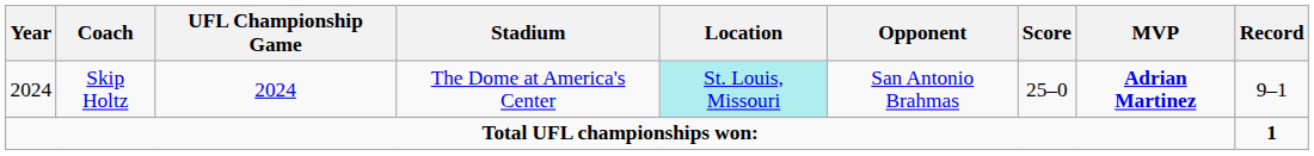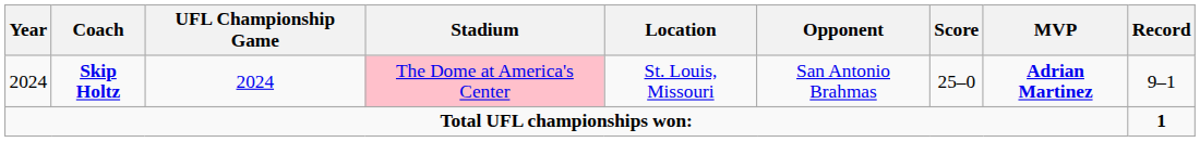 <table class="wikitable" style="width:80%;text-align:center">
 <tr>
 <th>Year</th>
 <th>Coach</th>
 <th>UFL Championship Game</th>
 <th>Stadium</th>
 <th>Location</th>
 <th>Opponent</th>
 <th>Score</th>
 <th>MVP</th>
 <th>Record</th>
 </tr>
 <tr>
 <td>2024</td>
-<td><a href='#'>Skip Holtz</a></td>
+<td><strong><a href='#'>Skip Holtz</a></strong></td>
 <td><a href='#'>2024</a></td>
-<td><a href='#'>The Dome at America's Center</a></td>
-<td style="background: paleturquoise;"><a href='#'>St. Louis, Missouri</a></td>
+<td style="background: pink;"><a href='#'>The Dome at America's Center</a></td>
+<td><a href='#'>St. Louis, Missouri</a></td>
 <td><a href='#'>San Antonio Brahmas</a></td>
 <td>25–0</td>
 <td><strong><a href='#'>Adrian Martinez</a></strong></td>
 <td>9–1</td>
 </tr>
 <tr>
 </tr>
 <tr>
 <td colspan="8"><strong>Total UFL championships won:</strong></td>
 <td><strong>1</strong></td>
 </tr>
 </table>
